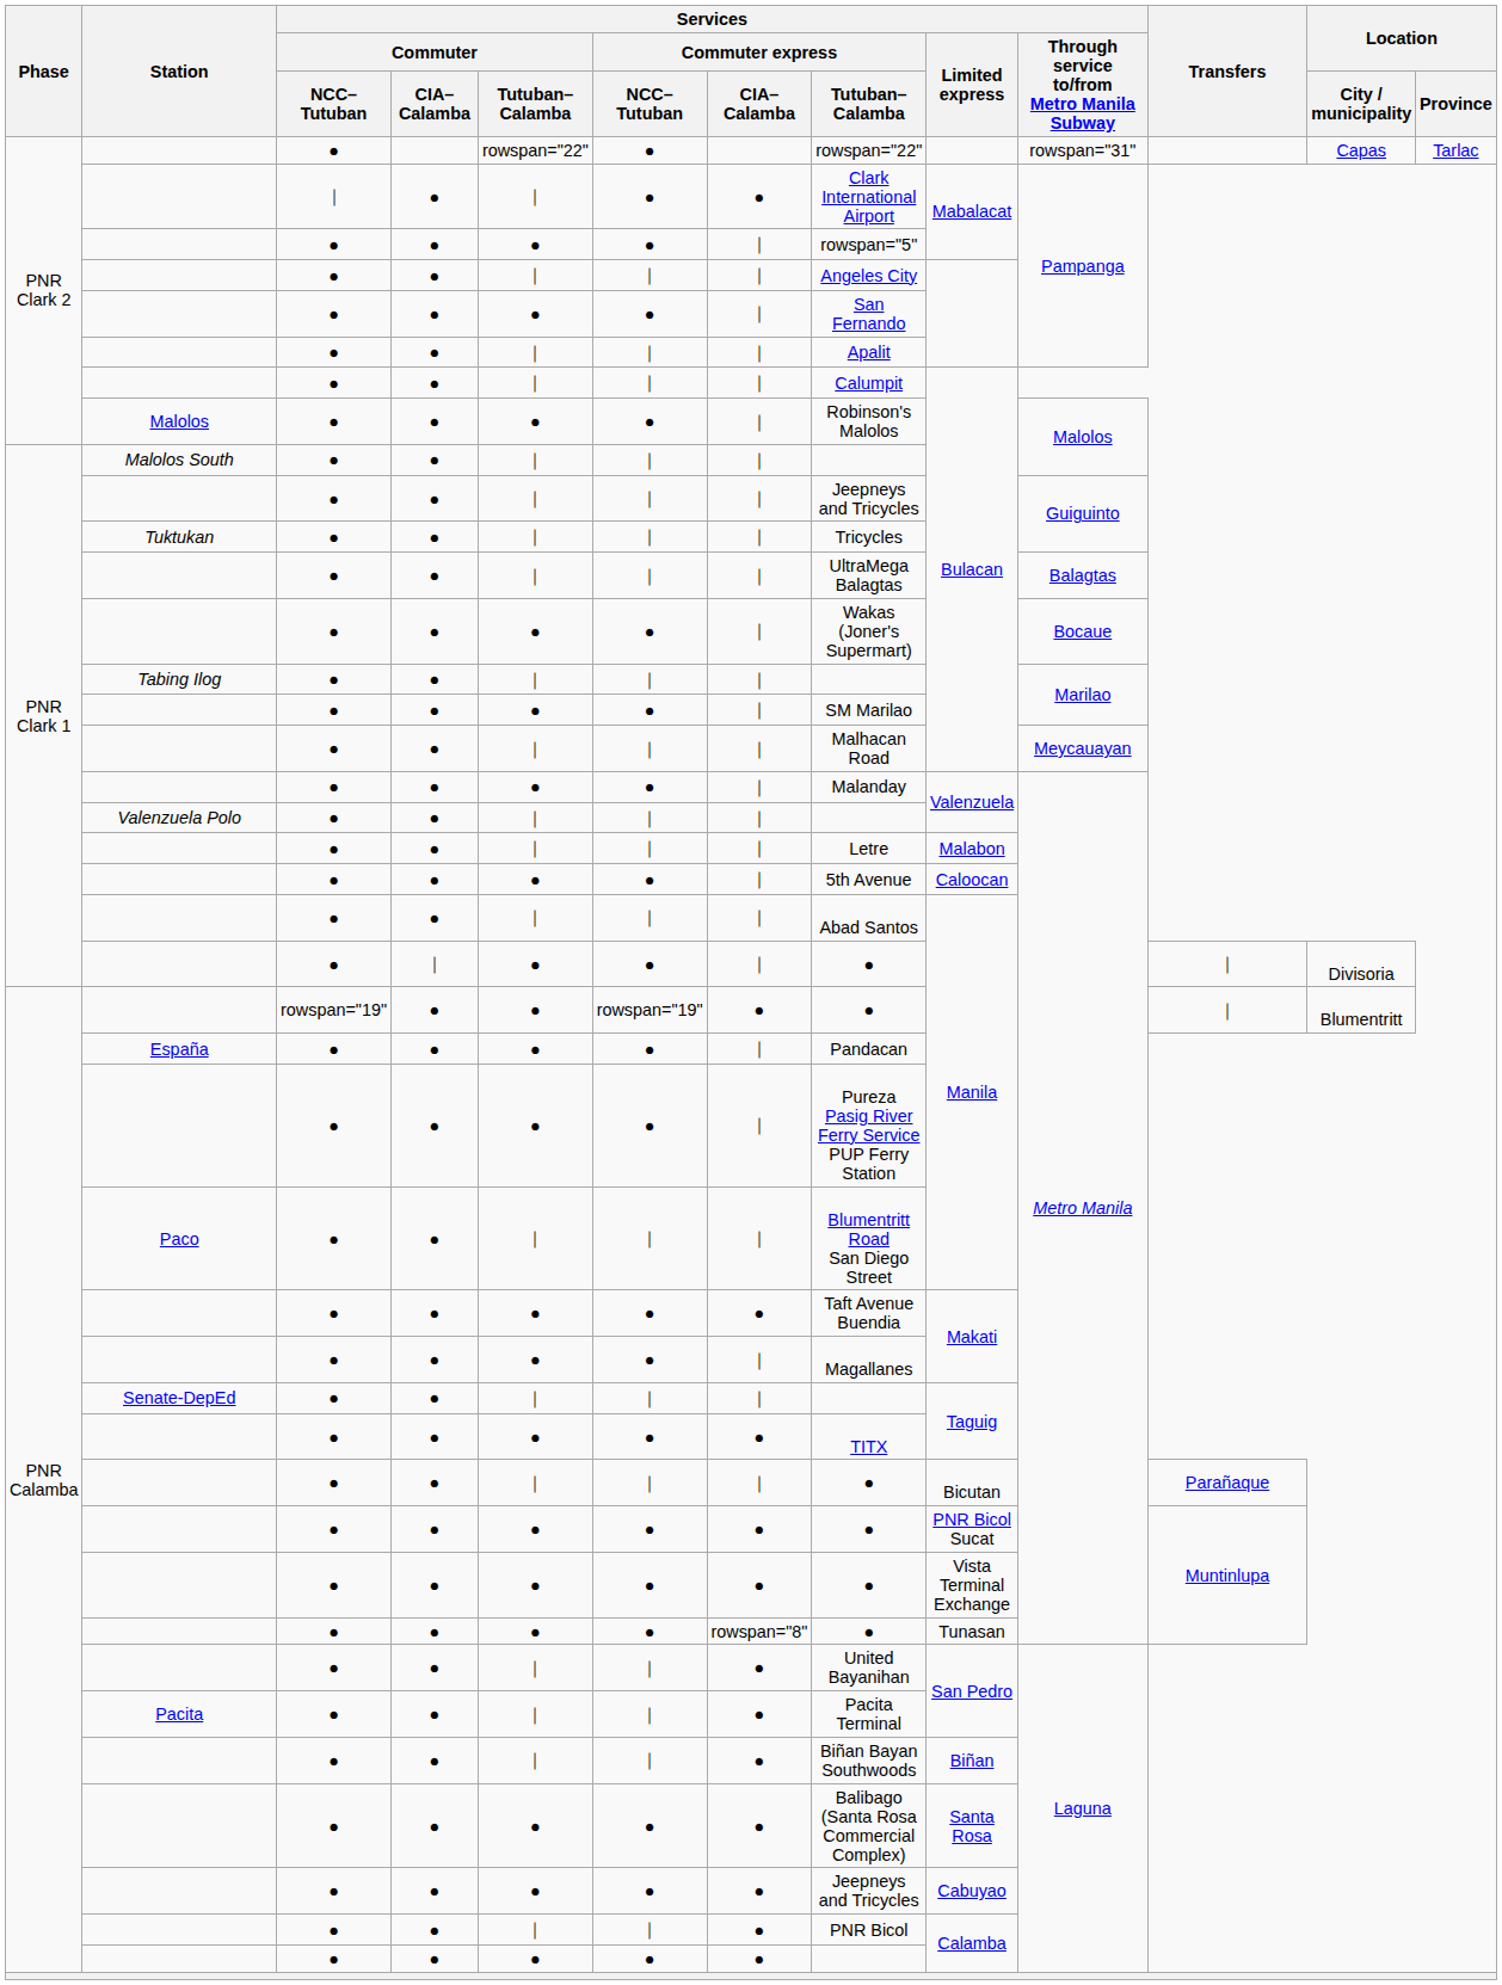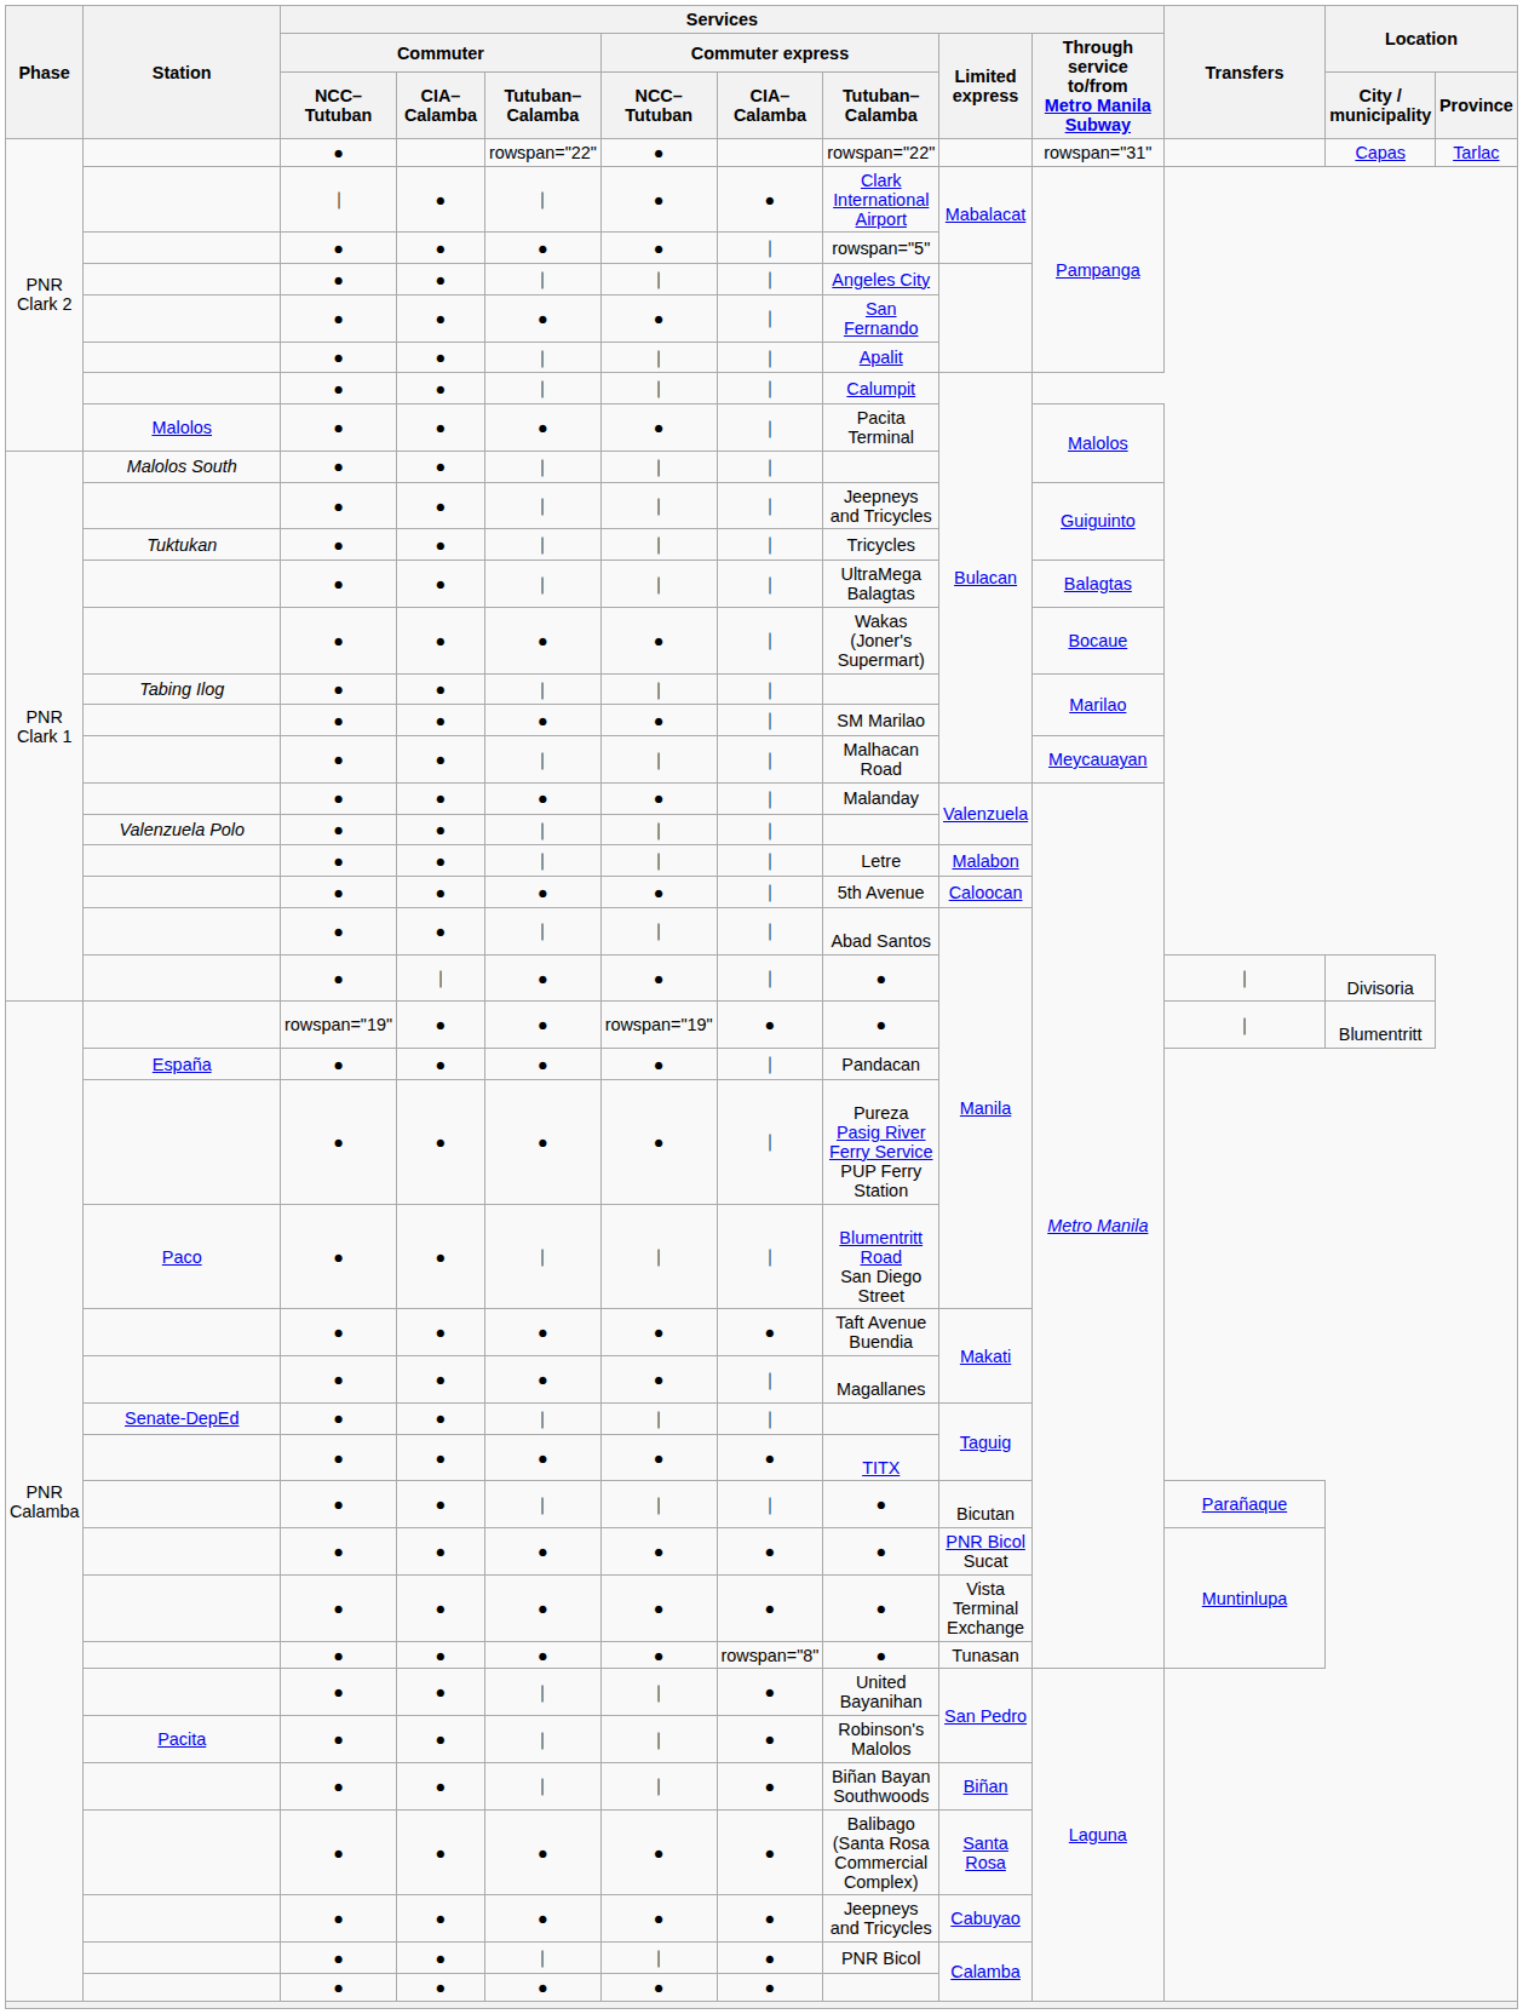 <table class="wikitable mw-collapsible" style="text-align:center; font-size:90%;">
 <tr>
 <th rowspan="3" style="width:04%;">Phase</th>
 <th rowspan="3" style="width:15%;">Station</th>
 <th colspan="8" style="width:54%;">Services</th>
 <th rowspan="3" style="width:12%;">Transfers</th>
 <th rowspan="2" colspan="2">Location</th>
 </tr>
 <tr>
 <th colspan="3">Commuter</th>
 <th colspan="3">Commuter express</th>
 <th rowspan="2" style="width:06%;">Limited express</th>
 <th rowspan="2" style="width:09%;">Through service to/from<br><a href='#'>Metro Manila Subway</a></th>
 </tr>
 <tr>
 <th style="width:06%;">NCC–Tutuban</th>
 <th style="width:06%;">CIA–Calamba</th>
 <th style="width:06%;">Tutuban–Calamba</th>
 <th style="width:06%;">NCC–Tutuban</th>
 <th style="width:06%;">CIA–Calamba</th>
 <th style="width:06%;">Tutuban–Calamba</th>
 <th>City / municipality</th>
 <th>Province</th>
 </tr>
 <tr>
 <td rowspan="8">PNR Clark 2</td>
 <td></td>
 <td>●</td>
 <td></td>
 <td>rowspan="22" </td>
 <td>●</td>
 <td></td>
 <td>rowspan="22" </td>
 <td></td>
 <td>rowspan="31" </td>
 <td></td>
 <td><a href='#'>Capas</a></td>
 <td><a href='#'>Tarlac</a></td>
 </tr>
 <tr>
 <td></td>
 <td>｜</td>
 <td>●</td>
 <td>｜</td>
 <td>●</td>
 <td>●</td>
 <td> <a href='#'>Clark International Airport</a></td>
 <td rowspan="2"><a href='#'>Mabalacat</a></td>
 <td rowspan="5"><a href='#'>Pampanga</a></td>
 </tr>
 <tr>
 <td></td>
 <td>●</td>
 <td>●</td>
 <td>●</td>
 <td>●</td>
 <td>｜</td>
 <td>rowspan="5" </td>
 </tr>
 <tr>
 <td></td>
 <td>●</td>
 <td>●</td>
 <td>｜</td>
 <td>｜</td>
 <td>｜</td>
 <td><a href='#'>Angeles City</a></td>
 </tr>
 <tr>
 <td></td>
 <td>●</td>
 <td>●</td>
 <td>●</td>
 <td>●</td>
 <td>｜</td>
 <td><a href='#'>San Fernando</a></td>
 </tr>
 <tr>
 <td></td>
 <td>●</td>
 <td>●</td>
 <td>｜</td>
 <td>｜</td>
 <td>｜</td>
 <td><a href='#'>Apalit</a></td>
 </tr>
 <tr>
 <td></td>
 <td>●</td>
 <td>●</td>
 <td>｜</td>
 <td>｜</td>
 <td>｜</td>
 <td><a href='#'>Calumpit</a></td>
 <td rowspan="11"><a href='#'>Bulacan</a></td>
 </tr>
 <tr>
 <td rowspan="2"><a href='#'>Malolos</a></td>
 <td rowspan="2">●</td>
 <td rowspan="2">●</td>
 <td rowspan="2">●</td>
 <td rowspan="2">●</td>
 <td rowspan="2">｜</td>
-<td>  Robinson's Malolos</td>
+<td>      Pacita Terminal</td>
 <td rowspan="3"><a href='#'>Malolos</a></td>
 </tr>
 <tr>
 <td rowspan="15">PNR Clark 1</td>
 </tr>
 <tr>
 <td><em>Malolos South</em></td>
 <td>●</td>
 <td>●</td>
 <td>｜</td>
 <td>｜</td>
 <td>｜</td>
 <td></td>
 </tr>
 <tr>
 <td></td>
 <td>●</td>
 <td>●</td>
 <td>｜</td>
 <td>｜</td>
 <td>｜</td>
 <td>Jeepneys and Tricycles</td>
 <td rowspan="2"><a href='#'>Guiguinto</a></td>
 </tr>
 <tr>
 <td><em>Tuktukan</em></td>
 <td>●</td>
 <td>●</td>
 <td>｜</td>
 <td>｜</td>
 <td>｜</td>
 <td>Tricycles</td>
 </tr>
 <tr>
 <td></td>
 <td>●</td>
 <td>●</td>
 <td>｜</td>
 <td>｜</td>
 <td>｜</td>
 <td>   UltraMega Balagtas</td>
 <td><a href='#'>Balagtas</a></td>
 </tr>
 <tr>
 <td></td>
 <td>●</td>
 <td>●</td>
 <td>●</td>
 <td>●</td>
 <td>｜</td>
 <td>   Wakas (Joner's Supermart)</td>
 <td><a href='#'>Bocaue</a></td>
 </tr>
 <tr>
 <td><em>Tabing Ilog</em></td>
 <td>●</td>
 <td>●</td>
 <td>｜</td>
 <td>｜</td>
 <td>｜</td>
 <td></td>
 <td rowspan="2"><a href='#'>Marilao</a></td>
 </tr>
 <tr>
 <td></td>
 <td>●</td>
 <td>●</td>
 <td>●</td>
 <td>●</td>
 <td>｜</td>
 <td>   SM Marilao</td>
 </tr>
 <tr>
 <td></td>
 <td>●</td>
 <td>●</td>
 <td>｜</td>
 <td>｜</td>
 <td>｜</td>
 <td>   Malhacan Road</td>
 <td><a href='#'>Meycauayan</a></td>
 </tr>
 <tr>
 <td></td>
 <td>●</td>
 <td>●</td>
 <td>●</td>
 <td>●</td>
 <td>｜</td>
 <td>    Malanday</td>
 <td rowspan="2"><a href='#'>Valenzuela</a></td>
 <td rowspan="18"><em><a href='#'>Metro Manila</a></em></td>
 </tr>
 <tr>
 <td><em>Valenzuela Polo</em></td>
 <td>●</td>
 <td>●</td>
 <td>｜</td>
 <td>｜</td>
 <td>｜</td>
 <td></td>
 </tr>
 <tr>
 <td><em></em></td>
 <td>●</td>
 <td>●</td>
 <td>｜</td>
 <td>｜</td>
 <td>｜</td>
 <td>  Letre</td>
 <td><a href='#'>Malabon</a></td>
 </tr>
 <tr>
 <td></td>
 <td>●</td>
 <td>●</td>
 <td>●</td>
 <td>●</td>
 <td>｜</td>
 <td>       5th Avenue</td>
 <td><a href='#'>Caloocan</a></td>
 </tr>
 <tr>
 <td></td>
 <td>●</td>
 <td>●</td>
 <td>｜</td>
 <td>｜</td>
 <td>｜</td>
 <td> <br>    Abad Santos</td>
 <td rowspan="6"><a href='#'>Manila</a></td>
 </tr>
 <tr>
 <td></td>
 <td>●</td>
 <td>｜</td>
 <td>●</td>
 <td>●</td>
 <td>｜</td>
 <td>●</td>
 <td>｜</td>
 <td> <em></em><br>    Divisoria</td>
 </tr>
 <tr>
 <td rowspan="19">PNR Calamba</td>
 <td></td>
 <td>rowspan="19" </td>
 <td>●</td>
 <td>●</td>
 <td>rowspan="19" </td>
 <td>●</td>
 <td>●</td>
 <td>｜</td>
 <td> <br>  Blumentritt</td>
 </tr>
 <tr>
 <td><a href='#'>España</a></td>
 <td>●</td>
 <td>●</td>
 <td>●</td>
 <td>●</td>
 <td>｜</td>
 <td>  Pandacan</td>
 </tr>
 <tr>
 <td></td>
 <td>●</td>
 <td>●</td>
 <td>●</td>
 <td>●</td>
 <td>｜</td>
 <td> <br>   Pureza<br> <a href='#'>Pasig River Ferry Service</a> PUP Ferry Station</td>
 </tr>
 <tr>
 <td><a href='#'>Paco</a></td>
 <td>●</td>
 <td>●</td>
 <td>｜</td>
 <td>｜</td>
 <td>｜</td>
 <td> <br>       <a href='#'>Blumentritt Road</a> <br>      San Diego Street</td>
 </tr>
 <tr>
 <td></td>
 <td>●</td>
 <td>●</td>
 <td>●</td>
 <td>●</td>
 <td>●</td>
 <td>  Taft Avenue<br>                     Buendia</td>
 <td rowspan="2"><a href='#'>Makati</a></td>
 </tr>
 <tr>
 <td></td>
 <td>●</td>
 <td>●</td>
 <td>●</td>
 <td>●</td>
 <td>｜</td>
 <td> <br>         Magallanes</td>
 </tr>
 <tr>
 <td><a href='#'>Senate-DepEd</a></td>
 <td>●</td>
 <td>●</td>
 <td>｜</td>
 <td>｜</td>
 <td>｜</td>
 <td></td>
 <td rowspan="2"><a href='#'>Taguig</a></td>
 </tr>
 <tr>
 <td></td>
 <td>●</td>
 <td>●</td>
 <td>●</td>
 <td>●</td>
 <td>●</td>
 <td><br>     <a href='#'>TITX</a></td>
 </tr>
 <tr>
 <td></td>
 <td>●</td>
 <td>●</td>
 <td>｜</td>
 <td>｜</td>
 <td>｜</td>
 <td>●</td>
 <td><br>        Bicutan</td>
 <td><a href='#'>Parañaque</a></td>
 </tr>
 <tr>
 <td></td>
 <td>●</td>
 <td>●</td>
 <td>●</td>
 <td>●</td>
 <td>●</td>
 <td>●</td>
 <td><a href='#'>PNR Bicol</a><br>         Sucat</td>
 <td rowspan="3"><a href='#'>Muntinlupa</a></td>
 </tr>
 <tr>
 <td></td>
 <td>●</td>
 <td>●</td>
 <td>●</td>
 <td>●</td>
 <td>●</td>
 <td>●</td>
 <td>          Vista Terminal Exchange</td>
 </tr>
 <tr>
 <td></td>
 <td>●</td>
 <td>●</td>
 <td>●</td>
 <td>●</td>
 <td>rowspan="8" </td>
 <td>●</td>
 <td>      Tunasan</td>
 </tr>
 <tr>
 <td></td>
 <td>●</td>
 <td>●</td>
 <td>｜</td>
 <td>｜</td>
 <td>●</td>
 <td>      United Bayanihan</td>
 <td rowspan="2"><a href='#'>San Pedro</a></td>
 <td rowspan="7"><a href='#'>Laguna</a></td>
 </tr>
 <tr>
 <td><a href='#'>Pacita</a></td>
 <td>●</td>
 <td>●</td>
 <td>｜</td>
 <td>｜</td>
 <td>●</td>
-<td>      Pacita Terminal</td>
+<td>  Robinson's Malolos</td>
 </tr>
 <tr>
 <td></td>
 <td>●</td>
 <td>●</td>
 <td>｜</td>
 <td>｜</td>
 <td>●</td>
 <td>   Biñan Bayan<br>   Southwoods</td>
 <td><a href='#'>Biñan</a></td>
 </tr>
 <tr>
 <td></td>
 <td>●</td>
 <td>●</td>
 <td>●</td>
 <td>●</td>
 <td>●</td>
 <td>    Balibago (Santa Rosa Commercial Complex)</td>
 <td><a href='#'>Santa Rosa</a></td>
 </tr>
 <tr>
 <td></td>
 <td>●</td>
 <td>●</td>
 <td>●</td>
 <td>●</td>
 <td>●</td>
 <td>Jeepneys and Tricycles</td>
 <td><a href='#'>Cabuyao</a></td>
 </tr>
 <tr>
 <td></td>
 <td>●</td>
 <td>●</td>
 <td>｜</td>
 <td>｜</td>
 <td>●</td>
 <td>PNR Bicol</td>
 <td rowspan="2"><a href='#'>Calamba</a></td>
 </tr>
 <tr>
 <td></td>
 <td>●</td>
 <td>●</td>
 <td>●</td>
 <td>●</td>
 <td>●</td>
 <td></td>
 </tr>
 <tr>
 <th colspan="14"></th>
 </tr>
 </table>
